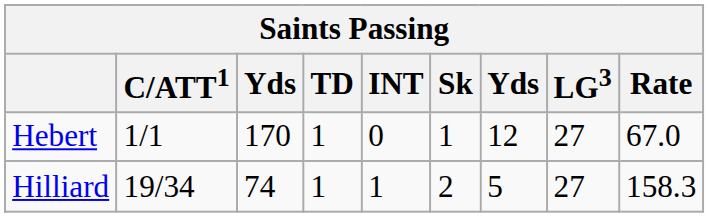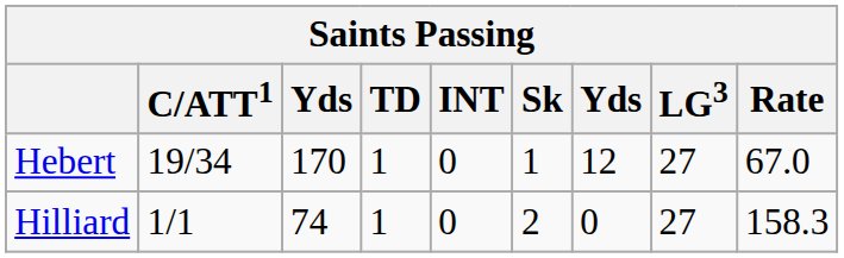 <table class="wikitable">
 <tr>
 <th colspan="9">Saints Passing</th>
 </tr>
 <tr>
 <th></th>
 <th>C/ATT<sup>1</sup></th>
 <th>Yds</th>
 <th>TD</th>
 <th>INT</th>
 <th>Sk</th>
 <th>Yds</th>
 <th>LG<sup>3</sup></th>
 <th>Rate</th>
 </tr>
 <tr>
 <td><a href='#'>Hebert</a></td>
-<td>1/1</td>
+<td>19/34</td>
 <td>170</td>
 <td>1</td>
 <td>0</td>
 <td>1</td>
 <td>12</td>
 <td>27</td>
 <td>67.0</td>
 </tr>
 <tr>
 <td><a href='#'>Hilliard</a></td>
-<td>19/34</td>
+<td>1/1</td>
 <td>74</td>
 <td>1</td>
-<td>1</td>
+<td>0</td>
 <td>2</td>
-<td>5</td>
+<td>0</td>
 <td>27</td>
 <td>158.3</td>
 </tr>
 </table>
